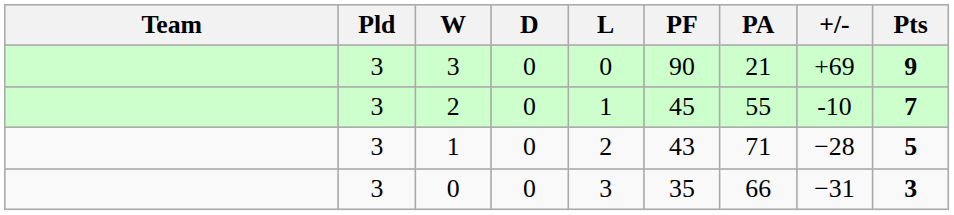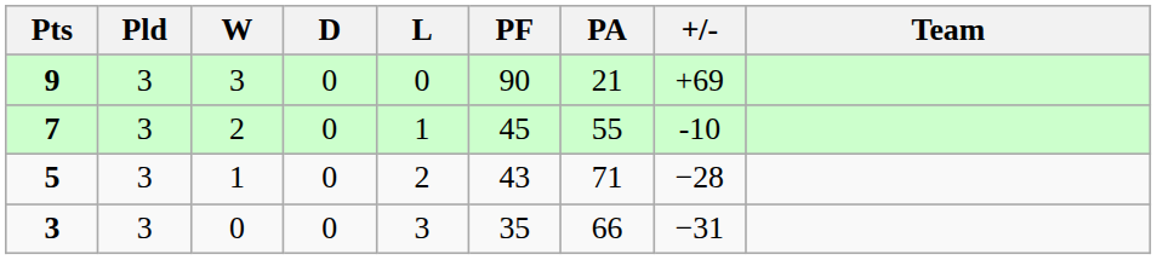 <table class="wikitable" style="text-align: center;">
 <tr>
-<th width="200">Team</th>
+<th width="40">Pts</th>
 <th width="40">Pld</th>
 <th width="40">W</th>
 <th width="40">D</th>
 <th width="40">L</th>
 <th width="40">PF</th>
 <th width="40">PA</th>
 <th width="40">+/-</th>
-<th width="40">Pts</th>
+<th width="200">Team</th>
 </tr>
 <tr bgcolor="#ccffcc">
-<td align=left></td>
+<td><strong>9</strong></td>
 <td>3</td>
 <td>3</td>
 <td>0</td>
 <td>0</td>
 <td>90</td>
 <td>21</td>
 <td>+69</td>
-<td><strong>9</strong></td>
+<td align=left></td>
 </tr>
 <tr bgcolor="#ccffcc">
-<td align=left></td>
+<td><strong>7</strong></td>
 <td>3</td>
 <td>2</td>
 <td>0</td>
 <td>1</td>
 <td>45</td>
 <td>55</td>
 <td>-10</td>
-<td><strong>7</strong></td>
+<td align=left></td>
 </tr>
 <tr>
-<td align=left></td>
+<td><strong>5</strong></td>
 <td>3</td>
 <td>1</td>
 <td>0</td>
 <td>2</td>
 <td>43</td>
 <td>71</td>
 <td>−28</td>
-<td><strong>5</strong></td>
+<td align=left></td>
 </tr>
 <tr>
-<td align=left></td>
+<td><strong>3</strong></td>
 <td>3</td>
 <td>0</td>
 <td>0</td>
 <td>3</td>
 <td>35</td>
 <td>66</td>
 <td>−31</td>
-<td><strong>3</strong></td>
+<td align=left></td>
 </tr>
 </table>
